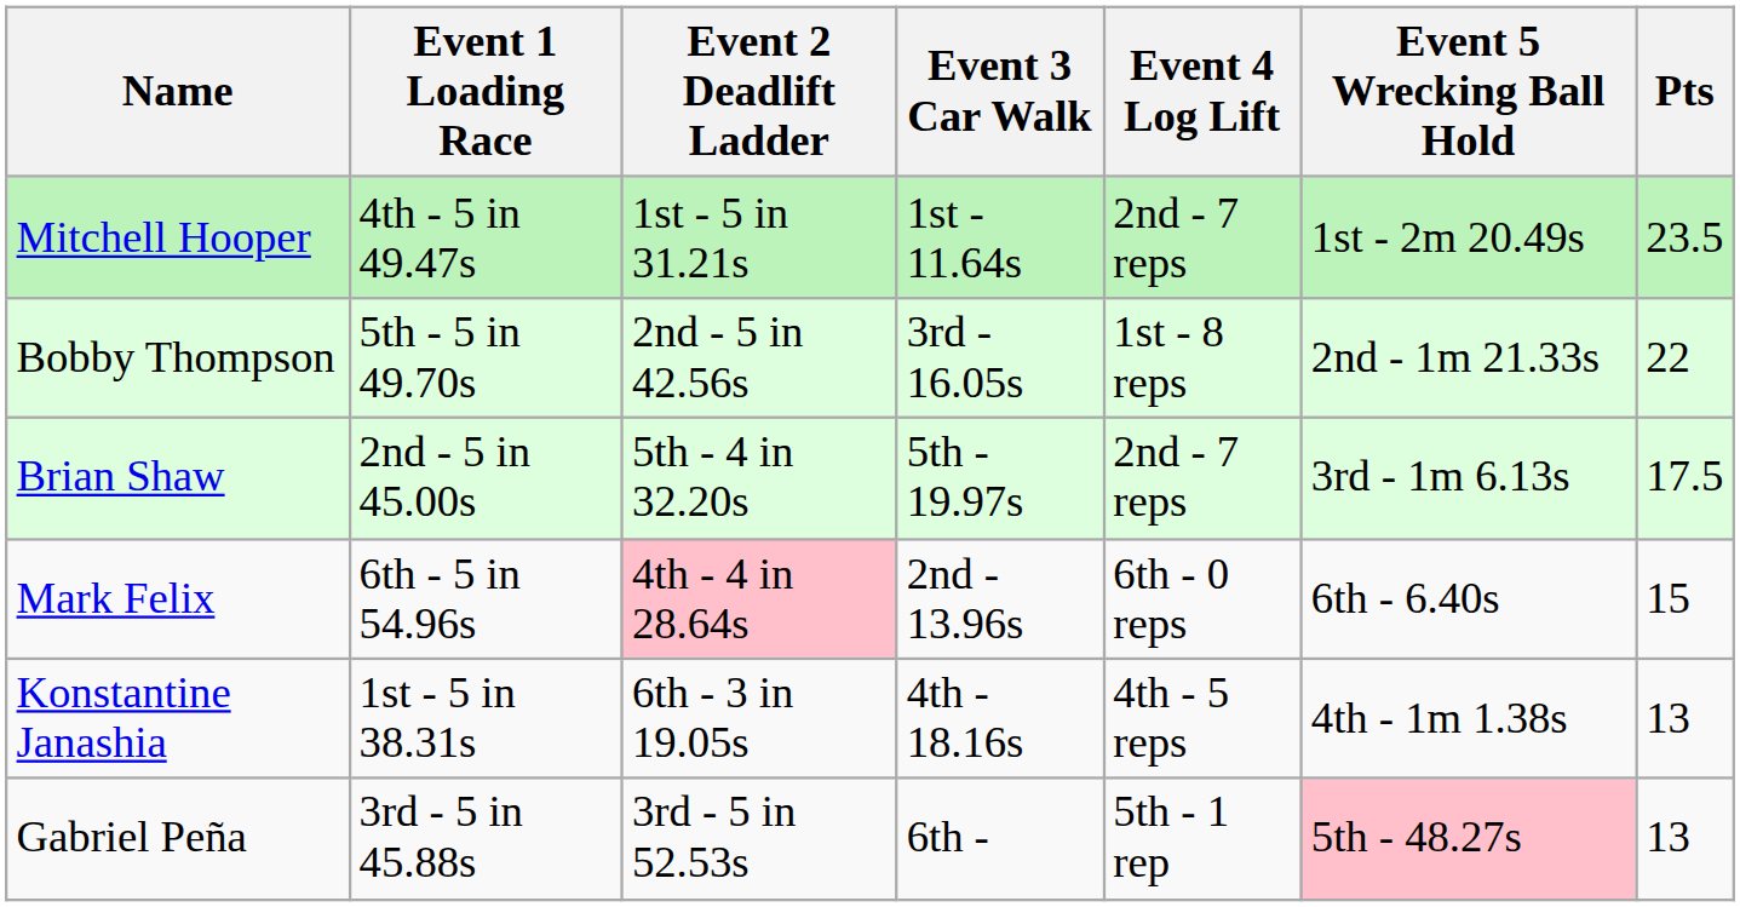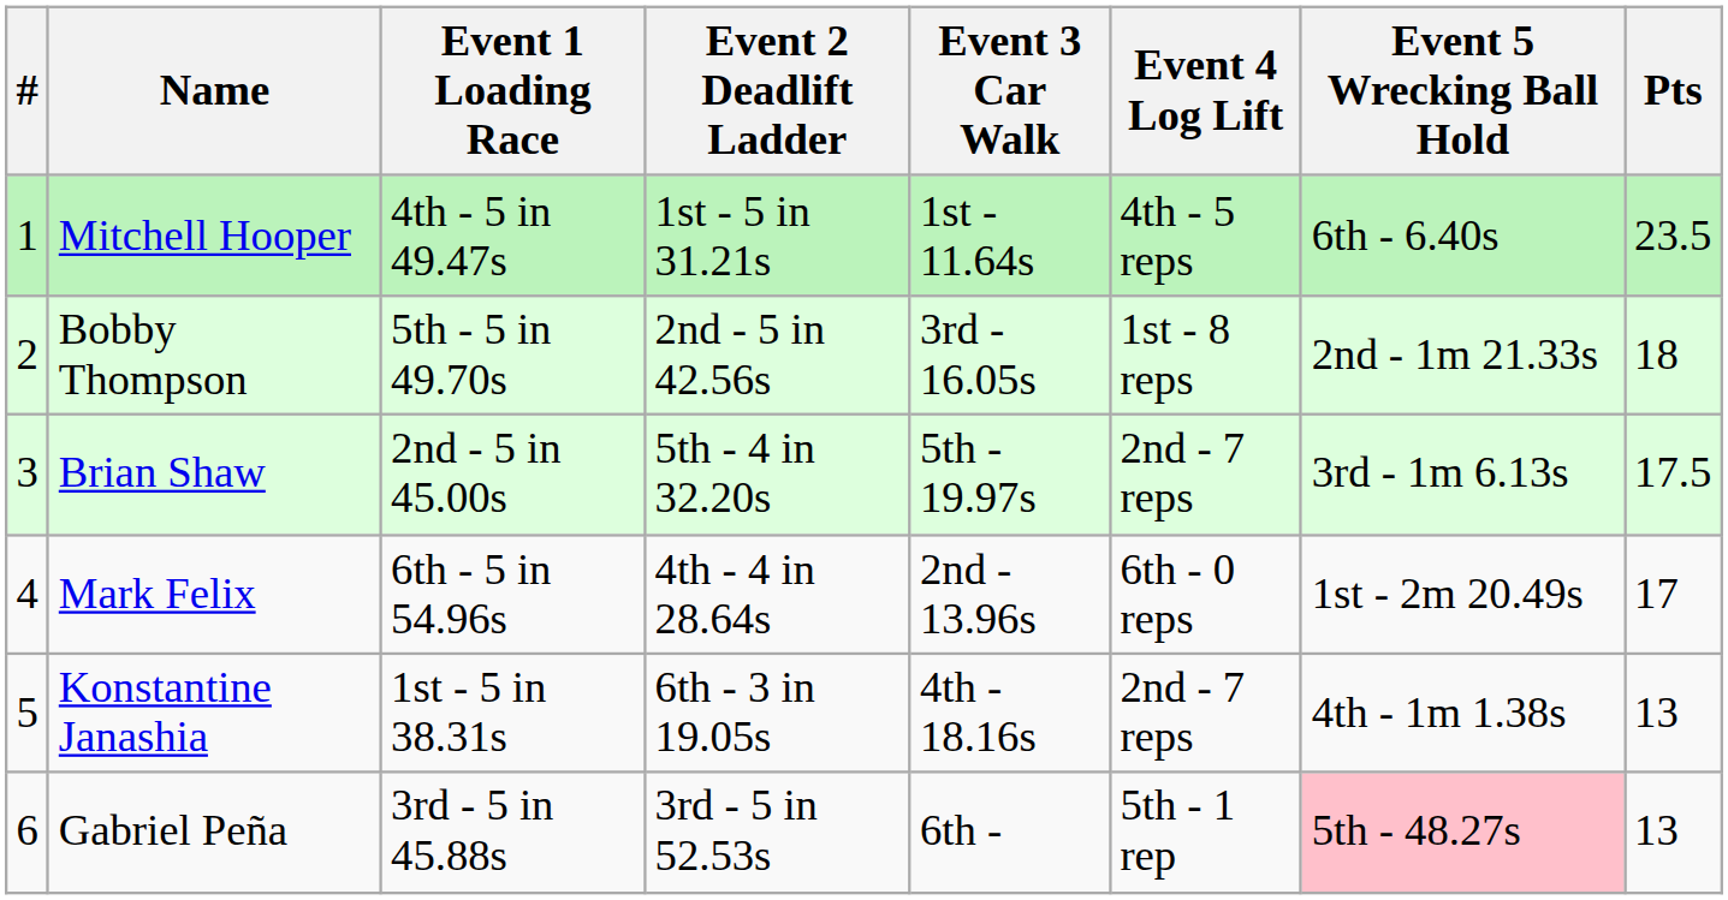 <table class="wikitable sortable" style="display: inline-table;width: 100%;">
 <tr>
+<th>#</th>
 <th>Name</th>
 <th>Event 1<br>Loading Race</th>
 <th>Event 2<br>Deadlift Ladder</th>
 <th>Event 3<br>Car Walk</th>
 <th>Event 4<br>Log Lift</th>
 <th>Event 5<br>Wrecking Ball Hold</th>
 <th>Pts</th>
 </tr>
 <tr bgcolor=bbf3bb>
+<td>1</td>
 <td> <a href='#'>Mitchell Hooper</a></td>
 <td>4th - 5 in 49.47s</td>
 <td>1st - 5 in 31.21s</td>
 <td>1st - 11.64s</td>
-<td>2nd - 7 reps</td>
-<td>1st - 2m 20.49s</td>
+<td>4th - 5 reps</td>
+<td>6th - 6.40s</td>
 <td>23.5</td>
 </tr>
 <tr bgcolor=ddffdd>
+<td>2</td>
 <td> Bobby Thompson</td>
 <td>5th - 5 in 49.70s</td>
 <td>2nd - 5 in 42.56s</td>
 <td>3rd - 16.05s</td>
 <td>1st - 8 reps</td>
 <td>2nd - 1m 21.33s</td>
-<td>22</td>
+<td>18</td>
 </tr>
 <tr bgcolor=ddffdd>
+<td>3</td>
 <td> <a href='#'>Brian Shaw</a></td>
 <td>2nd - 5 in 45.00s</td>
 <td>5th - 4 in 32.20s</td>
 <td>5th - 19.97s</td>
 <td>2nd - 7 reps</td>
 <td>3rd - 1m 6.13s</td>
 <td>17.5</td>
 </tr>
 <tr>
+<td>4</td>
 <td> <a href='#'>Mark Felix</a></td>
 <td>6th - 5 in 54.96s</td>
-<td style="background: pink;">4th - 4 in 28.64s</td>
+<td>4th - 4 in 28.64s</td>
 <td>2nd - 13.96s</td>
 <td>6th - 0 reps</td>
-<td>6th - 6.40s</td>
-<td>15</td>
+<td>1st - 2m 20.49s</td>
+<td>17</td>
 </tr>
 <tr>
+<td>5</td>
 <td> <a href='#'>Konstantine Janashia</a></td>
 <td>1st - 5 in 38.31s</td>
 <td>6th - 3 in 19.05s</td>
 <td>4th - 18.16s</td>
-<td>4th - 5 reps</td>
+<td>2nd - 7 reps</td>
 <td>4th - 1m 1.38s</td>
 <td>13</td>
 </tr>
 <tr>
+<td>6</td>
 <td> Gabriel Peña</td>
 <td>3rd - 5 in 45.88s</td>
 <td>3rd - 5 in 52.53s</td>
 <td>6th - </td>
 <td>5th - 1 rep</td>
 <td style="background: pink;">5th - 48.27s</td>
 <td>13</td>
 </tr>
 </table>
